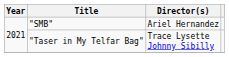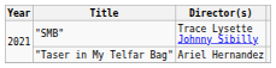 <table class="wikitable">
 <tr>
 <th>Year</th>
 <th>Title</th>
 <th>Director(s)</th>
 <th scope="col"></th>
 </tr>
 <tr>
 <td rowspan="2">2021</td>
 <td>"SMB"</td>
-<td>Ariel Hernandez</td>
+<td>Trace Lysette<br><a href='#'>Johnny Sibilly</a></td>
 <td></td>
 </tr>
 <tr>
 <td>"Taser in My Telfar Bag" </td>
-<td>Trace Lysette<br><a href='#'>Johnny Sibilly</a></td>
+<td>Ariel Hernandez</td>
 <td></td>
 </tr>
 <tr>
 </tr>
 </table>
